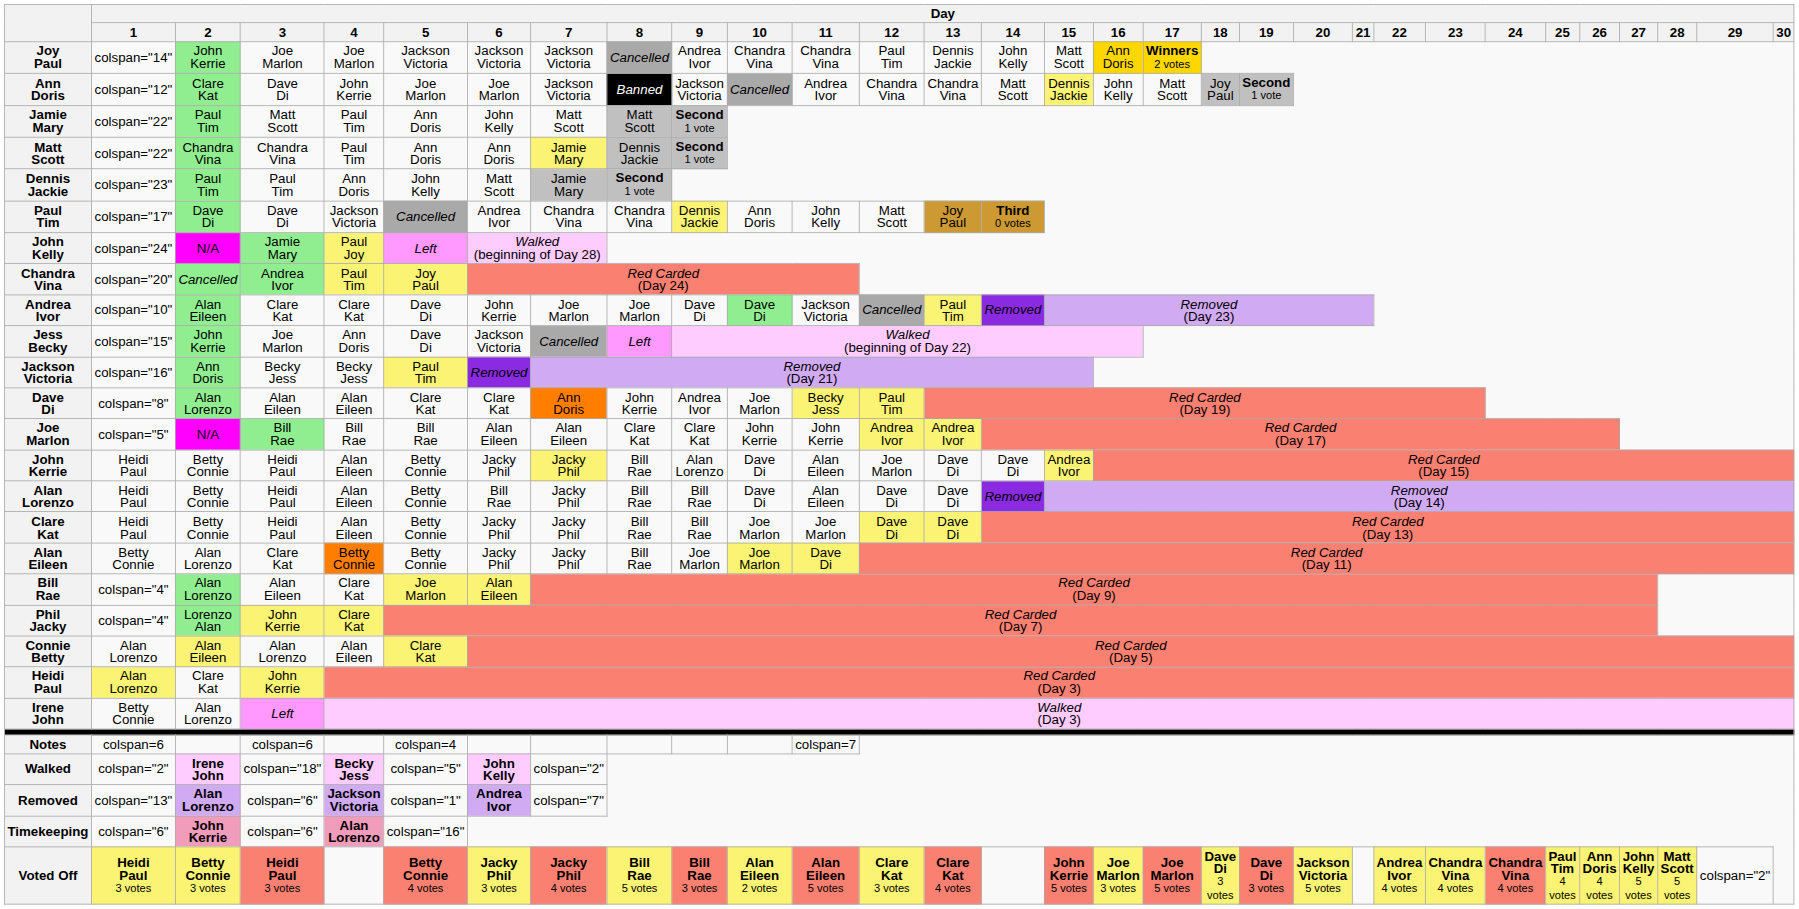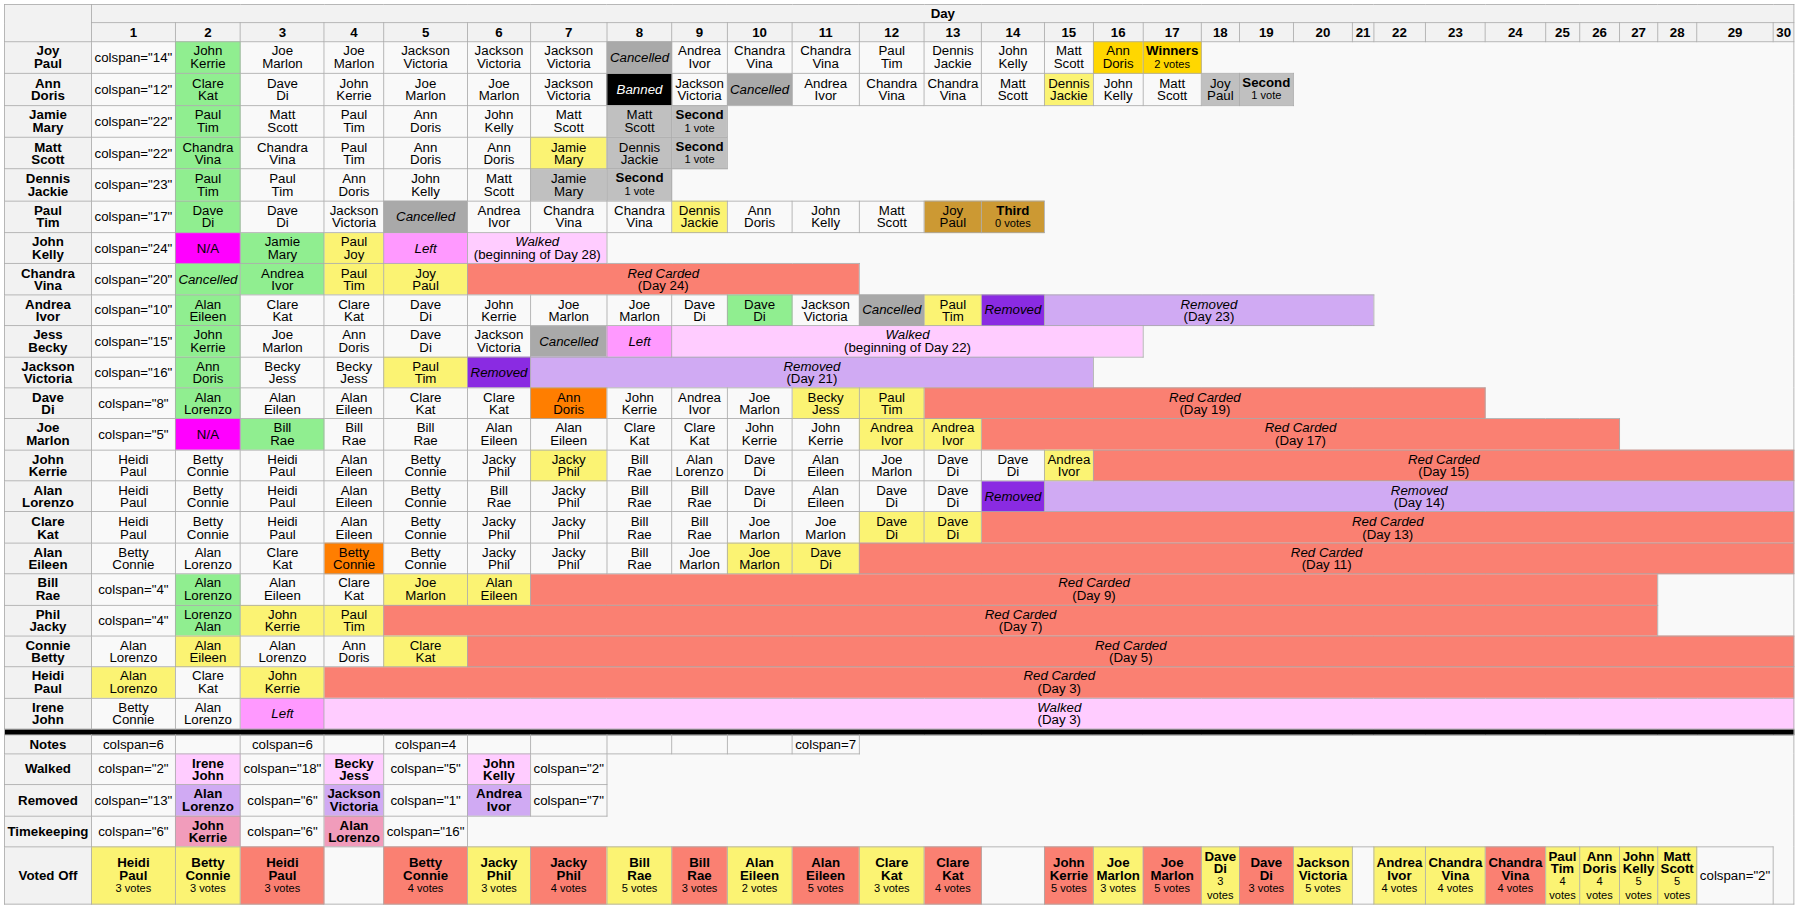 <table class="wikitable" style="text-align:center; line-height:15px;">
 <tr>
 <th rowspan="2"></th>
 <th colspan="30">Day</th>
 </tr>
 <tr>
 <th style="width: 7%;">1</th>
 <th style="width: 7%;">2</th>
 <th style="width: 7%;">3</th>
 <th style="width: 7%;">4</th>
 <th style="width: 7%;">5</th>
 <th style="width: 7%;">6</th>
 <th style="width: 7%;">7</th>
 <th style="width: 7%;">8</th>
 <th style="width: 7%;">9</th>
 <th style="width: 7%;">10</th>
 <th style="width: 7%;">11</th>
 <th style="width: 7%;">12</th>
 <th style="width: 7%;">13</th>
 <th style="width: 7%;">14</th>
 <th style="width: 7%;">15</th>
 <th style="width: 7%;">16</th>
 <th style="width: 7%;">17</th>
 <th style="width: 7%;">18</th>
 <th style="width: 7%;">19</th>
 <th style="width: 7%;">20</th>
 <th style="width: 7%;">21</th>
 <th style="width: 7%;">22</th>
 <th style="width: 7%;">23</th>
 <th style="width: 7%;">24</th>
 <th style="width: 7%;">25</th>
 <th style="width: 7%;">26</th>
 <th style="width: 7%;">27</th>
 <th style="width: 7%;">28</th>
 <th style="width: 7%;">29</th>
 <th style="width: 7%;">30</th>
 </tr>
 <tr>
 <th>Joy<br>Paul</th>
 <td>colspan="14" </td>
 <td style="background:lightgreen;">John<br>Kerrie</td>
 <td>Joe<br>Marlon</td>
 <td>Joe<br>Marlon</td>
 <td>Jackson<br>Victoria</td>
 <td>Jackson<br>Victoria</td>
 <td>Jackson<br>Victoria</td>
 <td style="background:darkgrey;"><em>Cancelled</em></td>
 <td>Andrea<br>Ivor</td>
 <td>Chandra<br>Vina</td>
 <td>Chandra<br>Vina</td>
 <td>Paul<br>Tim</td>
 <td>Dennis<br>Jackie</td>
 <td>John<br>Kelly</td>
 <td>Matt<br>Scott</td>
 <td style="background:gold">Ann<br>Doris</td>
 <td style="background:gold"><strong>Winners</strong><br> <small> 2 votes</small></td>
 </tr>
 <tr>
 <th>Ann<br>Doris</th>
 <td>colspan="12" </td>
 <td style="background:lightgreen;">Clare<br>Kat</td>
 <td>Dave<br>Di</td>
 <td>John<br>Kerrie</td>
 <td>Joe<br>Marlon</td>
 <td>Joe<br>Marlon</td>
 <td>Jackson<br>Victoria</td>
 <td style="background:black; color:#ffffff;"><em>Banned</em></td>
 <td>Jackson<br>Victoria</td>
 <td style="background:darkgrey;"><em>Cancelled</em></td>
 <td>Andrea<br>Ivor</td>
 <td>Chandra<br>Vina</td>
 <td>Chandra<br>Vina</td>
 <td>Matt<br>Scott</td>
 <td style="background:#fbf373;">Dennis<br>Jackie</td>
 <td>John<br>Kelly</td>
 <td>Matt<br>Scott</td>
 <td style="background:silver">Joy<br>Paul</td>
 <td style="background:silver"><strong>Second</strong><br><small>1 vote</small></td>
 </tr>
 <tr>
 <th>Jamie<br>Mary</th>
 <td>colspan="22" </td>
 <td style="background:lightgreen;">Paul<br>Tim</td>
 <td>Matt<br>Scott</td>
 <td>Paul<br>Tim</td>
 <td>Ann<br>Doris</td>
 <td>John<br>Kelly</td>
 <td>Matt<br>Scott</td>
 <td style="background:silver">Matt<br>Scott</td>
 <td style="background:silver"><strong>Second</strong><br><small>1 vote</small></td>
 </tr>
 <tr>
 <th>Matt<br>Scott</th>
 <td>colspan="22" </td>
 <td style="background:lightgreen;">Chandra<br>Vina</td>
 <td>Chandra<br>Vina</td>
 <td>Paul<br>Tim</td>
 <td>Ann<br>Doris</td>
 <td>Ann<br>Doris</td>
 <td style="background:#fbf373;">Jamie<br>Mary</td>
 <td style="background:silver">Dennis<br>Jackie</td>
 <td style="background:silver"><strong>Second</strong><br><small>1 vote</small></td>
 </tr>
 <tr>
 <th>Dennis<br>Jackie</th>
 <td>colspan="23" </td>
 <td style="background:lightgreen;">Paul<br>Tim</td>
 <td>Paul<br>Tim</td>
 <td>Ann<br>Doris</td>
 <td>John<br>Kelly</td>
 <td>Matt<br>Scott</td>
 <td style="background:silver">Jamie<br>Mary</td>
 <td style="background:silver"><strong>Second</strong><br><small>1 vote</small></td>
 </tr>
 <tr>
 <th>Paul<br>Tim</th>
 <td>colspan="17" </td>
 <td style="background:lightgreen;">Dave<br>Di</td>
 <td>Dave<br>Di</td>
 <td>Jackson<br>Victoria</td>
 <td style="background:darkgrey;"><em>Cancelled</em></td>
 <td>Andrea<br>Ivor</td>
 <td>Chandra<br>Vina</td>
 <td>Chandra<br>Vina</td>
 <td style="background:#fbf373;">Dennis<br>Jackie</td>
 <td>Ann<br>Doris</td>
 <td>John<br>Kelly</td>
 <td>Matt<br>Scott</td>
 <td style="background:#cc9933">Joy<br>Paul</td>
 <td style="background:#cc9933"><strong>Third</strong><br><small>0 votes</small></td>
 </tr>
 <tr>
 <th>John<br>Kelly</th>
 <td>colspan="24" </td>
 <td style="background:#ff00ff;">N/A</td>
 <td style="background:lightgreen;">Jamie<br>Mary</td>
 <td style="background:#fbf373;">Paul<br>Joy</td>
 <td style="background:#ff99ff;"><em>Left</em></td>
 <td colspan="2" style="background:#ffccff;"><em>Walked</em><br>(beginning of Day 28)</td>
 </tr>
 <tr>
 <th>Chandra<br>Vina</th>
 <td>colspan="20" </td>
 <td style="background:lightgreen;"><em>Cancelled</em></td>
 <td style="background:lightgreen;">Andrea<br>Ivor</td>
 <td style="background:#fbf373;">Paul<br>Tim</td>
 <td style="background:#fbf373;">Joy<br>Paul</td>
 <td colspan="6" style="background:#fa8072;"><em>Red Carded</em><br>(Day 24)</td>
 </tr>
 <tr>
 <th>Andrea<br>Ivor</th>
 <td>colspan="10" </td>
 <td style="background:lightgreen;">Alan<br>Eileen</td>
 <td>Clare<br>Kat</td>
 <td>Clare<br>Kat</td>
 <td>Dave<br>Di</td>
 <td>John<br>Kerrie</td>
 <td>Joe<br>Marlon</td>
 <td>Joe<br>Marlon</td>
 <td>Dave<br>Di</td>
 <td style="background:lightgreen;">Dave<br>Di</td>
 <td>Jackson<br>Victoria</td>
 <td style="background:darkgrey;"><em>Cancelled</em></td>
 <td style="background:#fbf373;">Paul<br>Tim</td>
 <td style="background:#8a2be2;"><em>Removed</em></td>
 <td colspan="7" style="background:#d0aaf3;"><em>Removed</em><br>(Day 23)</td>
 </tr>
 <tr>
 <th>Jess<br>Becky</th>
 <td>colspan="15" </td>
 <td style="background:lightgreen;">John<br>Kerrie</td>
 <td>Joe<br>Marlon</td>
 <td>Ann<br>Doris</td>
 <td>Dave<br>Di</td>
 <td>Jackson<br>Victoria</td>
 <td style="background:darkgrey;"><em>Cancelled</em></td>
 <td style="background:#ff99ff;"><em>Left</em></td>
 <td colspan="8" style="background:#ffccff;"><em>Walked</em><br>(beginning of Day 22)</td>
 </tr>
 <tr>
 <th>Jackson<br>Victoria</th>
 <td>colspan="16" </td>
 <td style="background:lightgreen;">Ann<br>Doris</td>
 <td>Becky<br>Jess</td>
 <td>Becky<br>Jess</td>
 <td style="background:#fbf373;">Paul<br>Tim</td>
 <td style="background:#8a2be2;"><em>Removed</em></td>
 <td colspan="9" style="background:#d0aaf3;"><em>Removed</em><br>(Day 21)</td>
 </tr>
 <tr>
 <th>Dave<br>Di</th>
 <td>colspan="8" </td>
 <td style="background:lightgreen;">Alan<br>Lorenzo</td>
 <td>Alan<br>Eileen</td>
 <td>Alan<br>Eileen</td>
 <td>Clare<br>Kat</td>
 <td>Clare<br>Kat</td>
 <td style="background:#ff7e00;">Ann<br>Doris</td>
 <td>John<br>Kerrie</td>
 <td>Andrea<br>Ivor</td>
 <td>Joe<br>Marlon</td>
 <td style="background:#fbf373;">Becky<br>Jess</td>
 <td style="background:#fbf373;">Paul<br>Tim</td>
 <td colspan="11" style="background:#fa8072;"><em>Red Carded</em><br>(Day 19)</td>
 </tr>
 <tr>
 <th>Joe<br>Marlon</th>
 <td>colspan="5" </td>
 <td style="background:#ff00ff;">N/A</td>
 <td style="background:lightgreen;">Bill<br>Rae</td>
 <td>Bill<br>Rae</td>
 <td>Bill<br>Rae</td>
 <td>Alan<br>Eileen</td>
 <td>Alan<br>Eileen</td>
 <td>Clare<br>Kat</td>
 <td>Clare<br>Kat</td>
 <td>John<br>Kerrie</td>
 <td>John<br>Kerrie</td>
 <td style="background:#fbf373;">Andrea<br>Ivor</td>
 <td style="background:#fbf373;">Andrea<br>Ivor</td>
 <td colspan="13" style="background:#fa8072;"><em>Red Carded</em><br>(Day 17)</td>
 </tr>
 <tr>
 <th>John<br>Kerrie</th>
 <td>Heidi<br>Paul</td>
 <td>Betty<br>Connie</td>
 <td>Heidi<br>Paul</td>
 <td>Alan<br>Eileen</td>
 <td>Betty<br>Connie</td>
 <td>Jacky<br>Phil</td>
 <td style="background:#fbf373;">Jacky<br>Phil</td>
 <td>Bill<br>Rae</td>
 <td>Alan<br>Lorenzo</td>
 <td>Dave<br>Di</td>
 <td>Alan<br>Eileen</td>
 <td>Joe<br>Marlon</td>
 <td>Dave<br>Di</td>
 <td>Dave<br>Di</td>
 <td style="background:#fbf373;">Andrea<br>Ivor</td>
 <td colspan="15" style="background:#fa8072;"><em>Red Carded</em><br>(Day 15)</td>
 </tr>
 <tr>
 <th>Alan<br>Lorenzo</th>
 <td>Heidi<br>Paul</td>
 <td>Betty<br>Connie</td>
 <td>Heidi<br>Paul</td>
 <td>Alan<br>Eileen</td>
 <td>Betty<br>Connie</td>
 <td>Bill<br>Rae</td>
 <td>Jacky<br>Phil</td>
 <td>Bill<br>Rae</td>
 <td>Bill<br>Rae</td>
 <td>Dave<br>Di</td>
 <td>Alan<br>Eileen</td>
 <td>Dave<br>Di</td>
 <td>Dave<br>Di</td>
 <td style="background:#8a2be2;"><em>Removed</em></td>
 <td colspan="16" style="background:#d0aaf3;"><em>Removed</em><br>(Day 14)</td>
 </tr>
 <tr>
 <th>Clare<br>Kat</th>
 <td>Heidi<br>Paul</td>
 <td>Betty<br>Connie</td>
 <td>Heidi<br>Paul</td>
 <td>Alan<br>Eileen</td>
 <td>Betty<br>Connie</td>
 <td>Jacky<br>Phil</td>
 <td>Jacky<br>Phil</td>
 <td>Bill<br>Rae</td>
 <td>Bill<br>Rae</td>
 <td>Joe<br>Marlon</td>
 <td>Joe<br>Marlon</td>
 <td style="background:#fbf373;">Dave<br>Di</td>
 <td style="background:#fbf373;">Dave<br>Di</td>
 <td colspan="17" style="background:#fa8072;"><em>Red Carded</em><br>(Day 13)</td>
 </tr>
 <tr>
 <th>Alan<br>Eileen</th>
 <td>Betty<br>Connie</td>
 <td>Alan<br>Lorenzo</td>
 <td>Clare<br>Kat</td>
 <td style="background:#ff7e00;">Betty<br>Connie</td>
 <td>Betty<br>Connie</td>
 <td>Jacky<br>Phil</td>
 <td>Jacky<br>Phil</td>
 <td>Bill<br>Rae</td>
 <td>Joe<br>Marlon</td>
 <td style="background:#fbf373;">Joe<br>Marlon</td>
 <td style="background:#fbf373;">Dave<br>Di</td>
 <td colspan="19" style="background:#fa8072;"><em>Red Carded</em><br>(Day 11)</td>
 </tr>
 <tr>
 <th>Bill<br>Rae</th>
 <td>colspan="4" </td>
 <td style="background:lightgreen;">Alan<br>Lorenzo</td>
 <td>Alan<br>Eileen</td>
 <td>Clare<br>Kat</td>
 <td style="background:#fbf373;">Joe<br>Marlon</td>
 <td style="background:#fbf373;">Alan<br>Eileen</td>
 <td colspan="21" style="background:#fa8072;"><em>Red Carded</em><br>(Day 9)</td>
 </tr>
 <tr>
 <th>Phil<br>Jacky</th>
 <td>colspan="4" </td>
 <td style="background:lightgreen;">Lorenzo<br>Alan</td>
 <td style="background:#fbf373;">John<br>Kerrie</td>
-<td style="background:#fbf373;">Clare<br>Kat</td>
+<td style="background:#fbf373;">Paul<br>Tim</td>
 <td colspan="23" style="background:#fa8072;"><em>Red Carded</em><br>(Day 7)</td>
 </tr>
 <tr>
 <th>Connie<br>Betty</th>
 <td>Alan<br>Lorenzo</td>
 <td style="background:#fbf373;">Alan<br>Eileen</td>
 <td>Alan<br>Lorenzo</td>
-<td>Alan<br>Eileen</td>
+<td>Ann<br>Doris</td>
 <td style="background:#fbf373;">Clare<br>Kat</td>
 <td colspan="25" style="background:#fa8072;"><em>Red Carded</em><br>(Day 5)</td>
 </tr>
 <tr>
 <th>Heidi<br>Paul</th>
 <td style="background:#fbf373;">Alan<br>Lorenzo</td>
 <td>Clare<br>Kat</td>
 <td style="background:#fbf373;">John<br>Kerrie</td>
 <td colspan="27" style="background:#fa8072;"><em>Red Carded</em><br>(Day 3)</td>
 </tr>
 <tr>
 <th>Irene<br>John</th>
 <td>Betty<br>Connie</td>
 <td>Alan<br>Lorenzo</td>
 <td style="background:#ff99ff;"><em>Left</em></td>
 <td colspan="27" style="background:#ffccff;"><em>Walked</em><br>(Day 3)</td>
 </tr>
 <tr>
 <th style="background:black;" colspan="31"></th>
 </tr>
 <tr>
 <th>Notes</th>
 <td>colspan=6 </td>
 <td></td>
 <td>colspan=6 </td>
 <td></td>
 <td>colspan=4 </td>
 <td></td>
 <td></td>
 <td> </td>
 <td></td>
 <td></td>
 <td>colspan=7 </td>
 </tr>
 <tr>
 <th>Walked</th>
 <td>colspan="2" </td>
 <td style="background:#ffccff"><strong>Irene<br>John</strong></td>
 <td>colspan="18" </td>
 <td style="background:#ffccff"><strong>Becky<br>Jess</strong></td>
 <td>colspan="5" </td>
 <td style="background:#ffccff"><strong>John<br>Kelly</strong></td>
 <td>colspan="2" </td>
 </tr>
 <tr>
 <th>Removed</th>
 <td>colspan="13" </td>
 <td style="background:#d0aaf3;"><strong>Alan<br>Lorenzo</strong></td>
 <td>colspan="6" </td>
 <td style="background:#d0aaf3;"><strong>Jackson<br>Victoria</strong></td>
 <td>colspan="1" </td>
 <td style="background:#d0aaf3;"><strong>Andrea<br>Ivor</strong></td>
 <td>colspan="7" </td>
 </tr>
 <tr>
 <th>Timekeeping</th>
 <td>colspan="6" </td>
 <td style="background:#f19cbb;"><strong>John<br>Kerrie</strong></td>
 <td>colspan="6" </td>
 <td style="background:#f19cbb;"><strong>Alan<br>Lorenzo</strong></td>
 <td>colspan="16" </td>
 </tr>
 <tr>
 <th>Voted Off</th>
 <td style="background:#fbf373;"><strong>Heidi<br>Paul</strong><br><small>3 votes</small></td>
 <td style="background:#fbf373;"><strong>Betty<br>Connie</strong><br><small>3 votes</small></td>
 <td style="background:#fa8072;"><strong>Heidi<br>Paul</strong><br><small>3 votes</small></td>
 <td></td>
 <td style="background:#fa8072;"><strong>Betty<br>Connie</strong><br><small>4 votes</small></td>
 <td style="background:#fbf373;"><strong>Jacky<br>Phil</strong><br><small>3 votes</small></td>
 <td style="background:#fa8072;"><strong>Jacky<br>Phil</strong><br><small>4 votes</small></td>
 <td style="background:#fbf373;"><strong>Bill<br>Rae</strong><br><small>5 votes</small></td>
 <td style="background:#fa8072;"><strong>Bill<br>Rae</strong><br><small>3 votes</small></td>
 <td style="background:#fbf373;"><strong>Alan<br>Eileen</strong><br><small>2 votes</small></td>
 <td style="background:#fa8072;"><strong>Alan<br>Eileen</strong><br><small>5 votes</small></td>
 <td style="background:#fbf373;"><strong>Clare<br>Kat</strong><br><small>3 votes</small></td>
 <td style="background:#fa8072;"><strong>Clare<br>Kat</strong><br><small>4 votes</small></td>
 <td></td>
 <td style="background:#fa8072;"><strong>John<br>Kerrie</strong><br><small>5 votes</small></td>
 <td style="background:#fbf373;"><strong>Joe<br>Marlon</strong><br><small>3 votes</small></td>
 <td style="background:#fa8072;"><strong>Joe<br>Marlon</strong><br><small>5 votes</small></td>
 <td style="background:#fbf373;"><strong>Dave<br>Di</strong><br><small>3 votes</small></td>
 <td style="background:#fa8072;"><strong>Dave<br>Di</strong><br><small>3 votes</small></td>
 <td style="background:#fbf373;"><strong>Jackson<br>Victoria</strong><br><small>5 votes</small></td>
 <td></td>
 <td style="background:#fbf373;"><strong>Andrea<br>Ivor</strong><br><small>4 votes</small></td>
 <td style="background:#fbf373;"><strong>Chandra<br>Vina</strong><br><small>4 votes</small></td>
 <td style="background:#fa8072;"><strong>Chandra<br>Vina</strong><br><small>4 votes</small></td>
 <td style="background:#fbf373;"><strong>Paul<br>Tim</strong><br><small>4 votes</small></td>
 <td style="background:#fbf373;"><strong>Ann<br>Doris</strong><br><small>4 votes</small></td>
 <td style="background:#fbf373;"><strong>John<br>Kelly</strong><br><small>5 votes</small></td>
 <td style="background:#fbf373;"><strong>Matt<br>Scott</strong><br><small>5 votes</small></td>
 <td>colspan="2" </td>
 </tr>
 </table>
